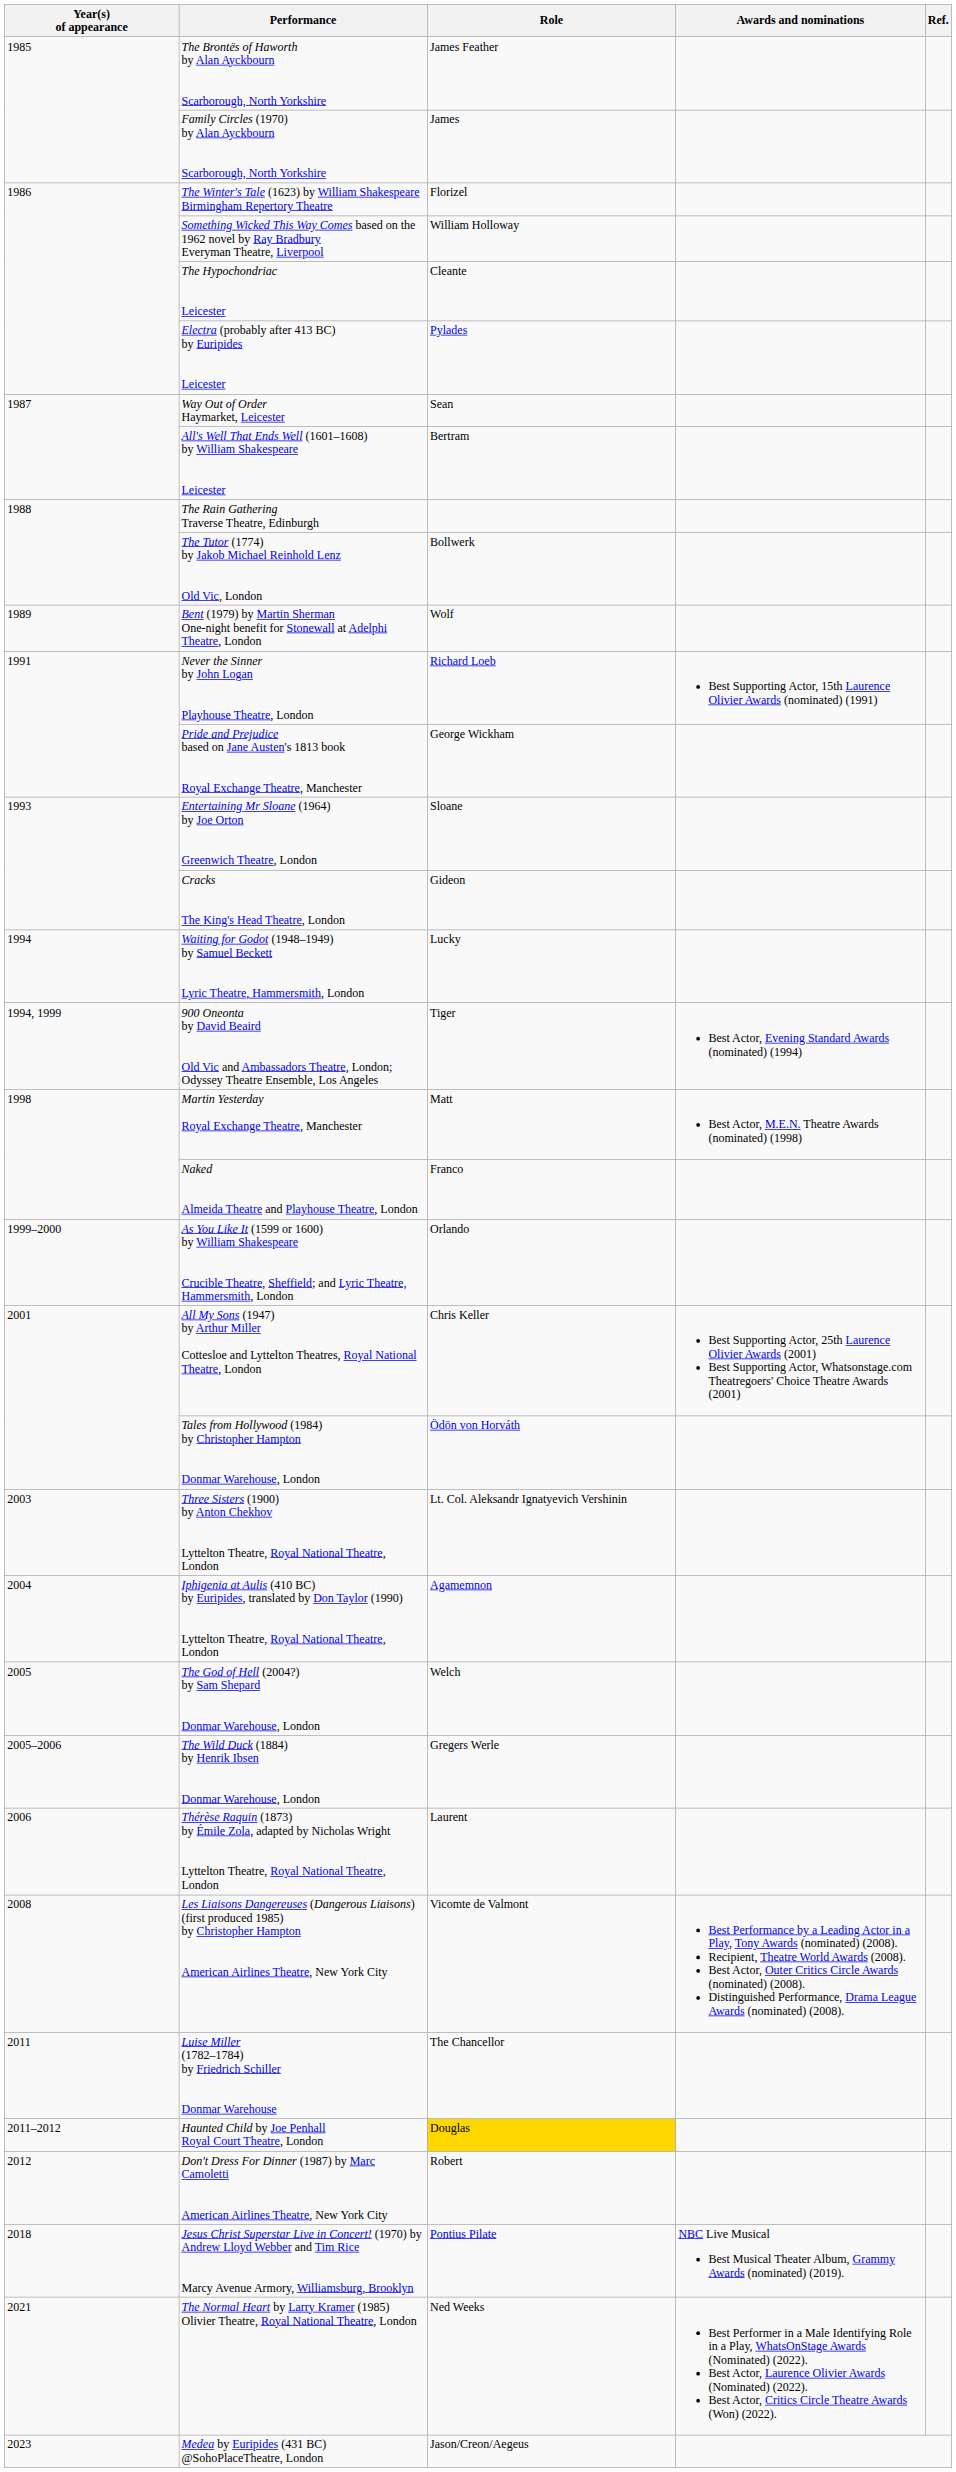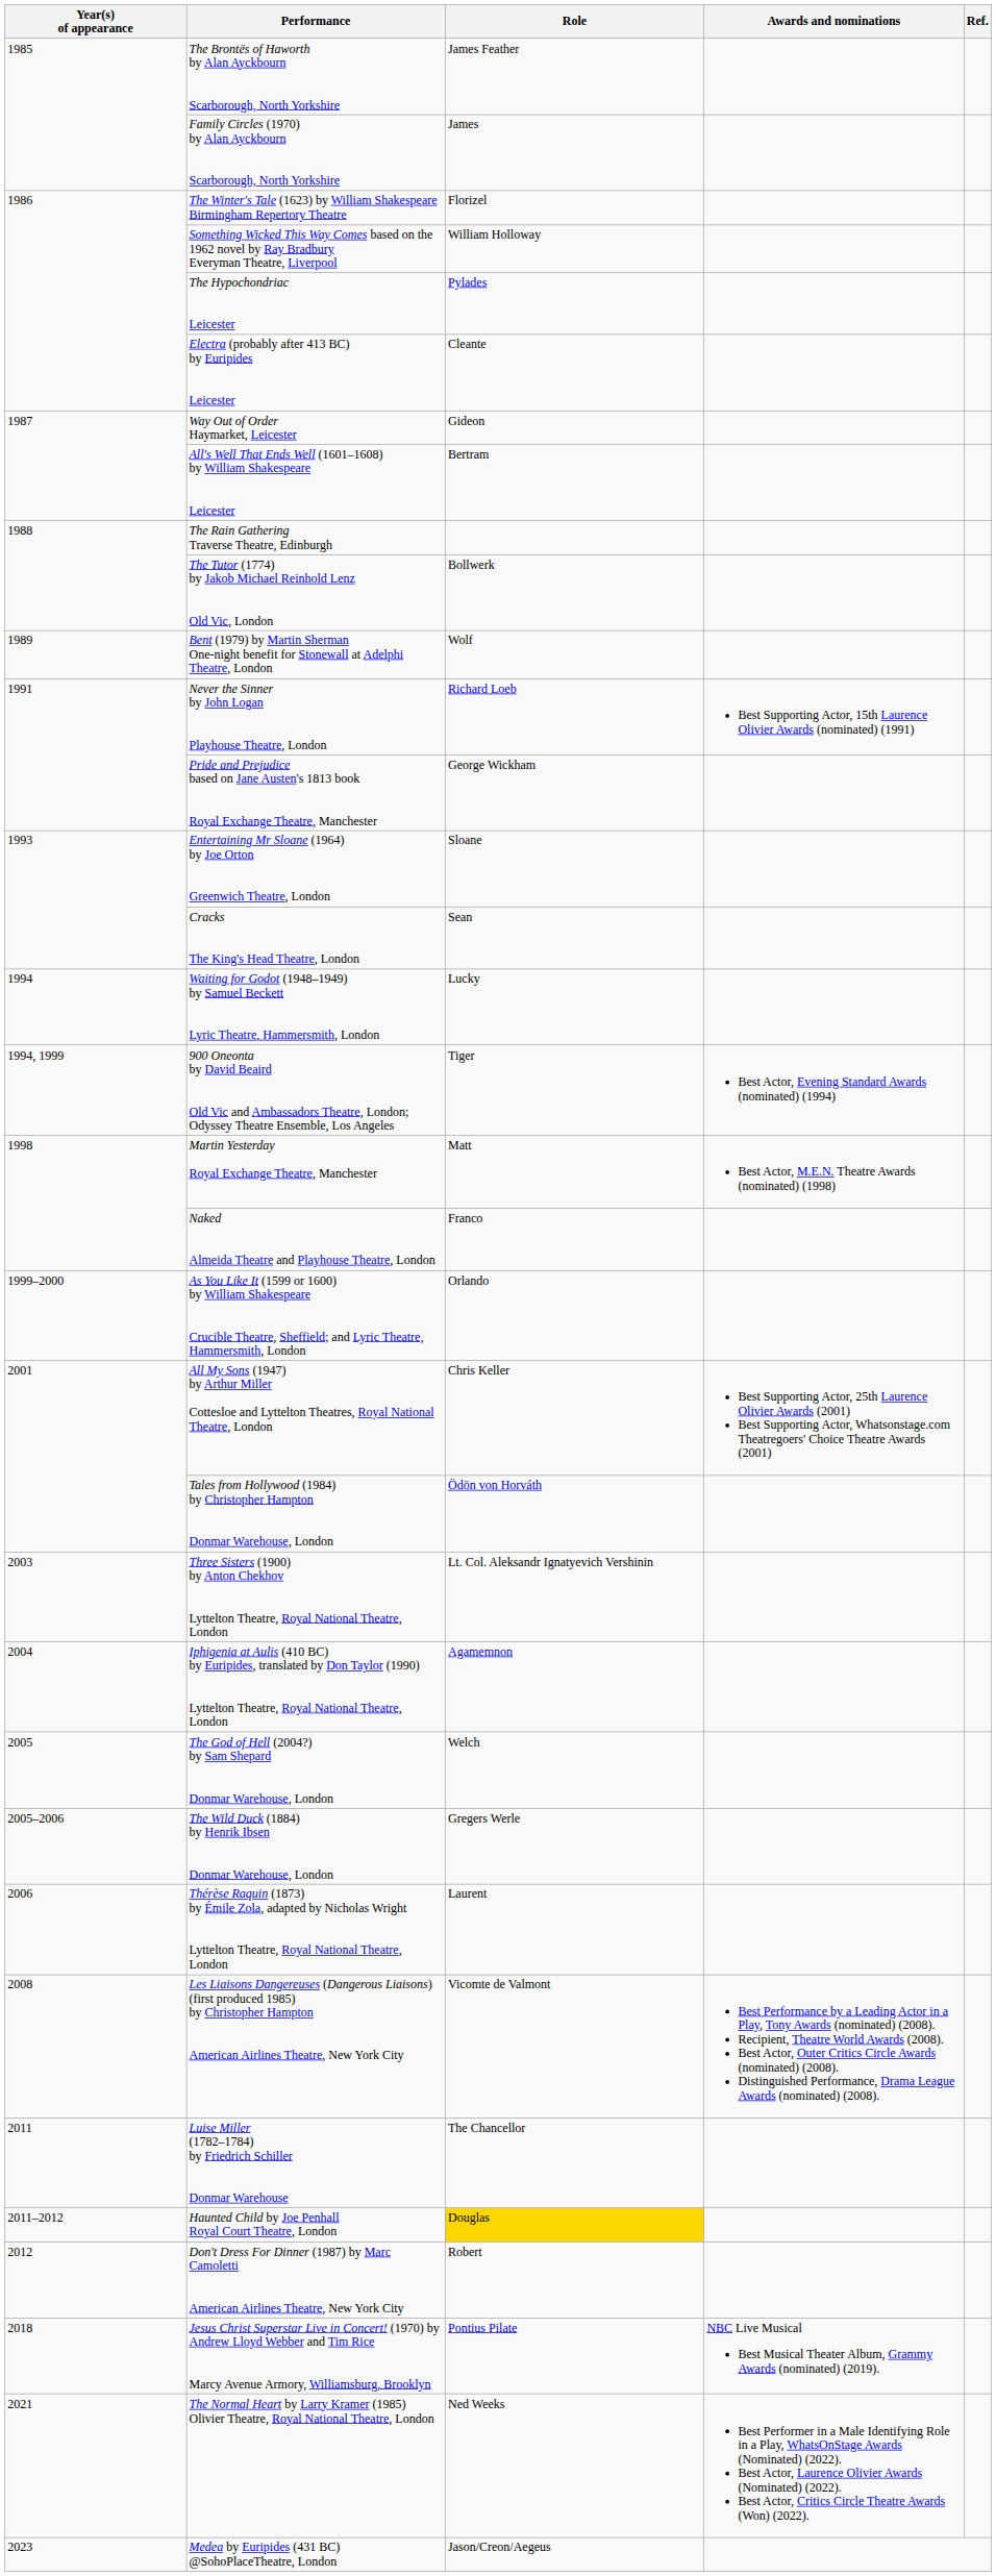 <table class="wikitable" style="width:100%;">
 <tr>
 <th width=19%>Year(s)<br>of appearance</th>
 <th width=27%>Performance</th>
 <th width=27%>Role</th>
 <th width=27%>Awards and nominations</th>
 <th>Ref.</th>
 </tr>
 <tr valign=top>
 <td rowspan=2>1985</td>
 <td><em>The Brontës of Haworth</em><br>by <a href='#'>Alan Ayckbourn</a><br><br><br><a href='#'>Scarborough, North Yorkshire</a></td>
 <td>James Feather</td>
 <td></td>
 <td></td>
 </tr>
 <tr valign=top>
 <td><em>Family Circles</em> (1970)<br>by <a href='#'>Alan Ayckbourn</a><br><br><br><a href='#'>Scarborough, North Yorkshire</a></td>
 <td>James</td>
 <td></td>
 <td></td>
 </tr>
 <tr valign=top>
 <td rowspan=4>1986</td>
 <td><em><a href='#'>The Winter's Tale</a></em> (1623) by <a href='#'>William Shakespeare</a><br><a href='#'>Birmingham Repertory Theatre</a></td>
 <td>Florizel</td>
 <td></td>
 <td></td>
 </tr>
 <tr valign=top>
 <td><em><a href='#'>Something Wicked This Way Comes</a></em> based on the 1962 novel by <a href='#'>Ray Bradbury</a><br>Everyman Theatre, <a href='#'>Liverpool</a></td>
 <td>William Holloway</td>
 <td></td>
 <td></td>
 </tr>
 <tr valign=top>
 <td><em>The Hypochondriac</em><br><br><br><a href='#'>Leicester</a></td>
-<td>Cleante</td>
+<td><a href='#'>Pylades</a></td>
 <td></td>
 <td></td>
 </tr>
 <tr valign=top>
 <td><em><a href='#'>Electra</a></em> (probably after 413 BC)<br>by <a href='#'>Euripides</a><br><br><br><a href='#'>Leicester</a></td>
-<td><a href='#'>Pylades</a></td>
+<td>Cleante</td>
 <td></td>
 <td></td>
 </tr>
 <tr valign=top>
 <td rowspan=2>1987</td>
 <td><em>Way Out of Order</em><br>Haymarket, <a href='#'>Leicester</a></td>
-<td>Sean</td>
+<td>Gideon</td>
 <td></td>
 <td></td>
 </tr>
 <tr valign=top>
 <td><em><a href='#'>All's Well That Ends Well</a></em> (1601–1608)<br>by <a href='#'>William Shakespeare</a><br><br><br><a href='#'>Leicester</a></td>
 <td>Bertram</td>
 <td></td>
 <td></td>
 </tr>
 <tr valign=top>
 <td rowspan=2>1988</td>
 <td><em>The Rain Gathering</em><br>Traverse Theatre, Edinburgh</td>
 <td></td>
 <td></td>
 <td></td>
 </tr>
 <tr valign=top>
 <td><em><a href='#'>The Tutor</a></em> (1774)<br>by <a href='#'>Jakob Michael Reinhold Lenz</a><br><br><br><a href='#'>Old Vic</a>, London</td>
 <td>Bollwerk</td>
 <td></td>
 <td></td>
 </tr>
 <tr valign=top>
 <td>1989</td>
 <td><em><a href='#'>Bent</a></em> (1979) by <a href='#'>Martin Sherman</a><br>One-night benefit for <a href='#'>Stonewall</a> at <a href='#'>Adelphi Theatre</a>, London</td>
 <td>Wolf</td>
 <td></td>
 <td></td>
 </tr>
 <tr valign=top>
 <td rowspan=2>1991</td>
 <td><em>Never the Sinner</em><br>by <a href='#'>John Logan</a><br><br><br><a href='#'>Playhouse Theatre</a>, London</td>
 <td><a href='#'>Richard Loeb</a></td>
 <td><br><ul><li>Best Supporting Actor, 15th <a href='#'>Laurence Olivier Awards</a> (nominated) (1991)</li></ul></td>
 <td></td>
 </tr>
 <tr valign=top>
 <td><em><a href='#'>Pride and Prejudice</a></em><br>based on <a href='#'>Jane Austen</a>'s 1813 book<br><br><br><a href='#'>Royal Exchange Theatre</a>, Manchester</td>
 <td>George Wickham</td>
 <td></td>
 <td></td>
 </tr>
 <tr valign=top>
 <td rowspan=2>1993</td>
 <td><em><a href='#'>Entertaining Mr Sloane</a></em> (1964)<br>by <a href='#'>Joe Orton</a><br><br><br><a href='#'>Greenwich Theatre</a>, London</td>
 <td>Sloane</td>
 <td></td>
 <td></td>
 </tr>
 <tr valign=top>
 <td><em>Cracks</em><br><br><br><a href='#'>The King's Head Theatre</a>, London</td>
-<td>Gideon</td>
+<td>Sean</td>
 <td></td>
 <td></td>
 </tr>
 <tr valign=top>
 <td>1994</td>
 <td><em><a href='#'>Waiting for Godot</a></em> (1948–1949)<br>by <a href='#'>Samuel Beckett</a><br><br><br><a href='#'>Lyric Theatre, Hammersmith</a>, London</td>
 <td>Lucky</td>
 <td></td>
 <td></td>
 </tr>
 <tr valign=top>
 <td>1994, 1999</td>
 <td><em>900 Oneonta</em><br>by <a href='#'>David Beaird</a><br><br><br><a href='#'>Old Vic</a> and <a href='#'>Ambassadors Theatre</a>, London; Odyssey Theatre Ensemble, Los Angeles</td>
 <td>Tiger</td>
 <td><br><ul><li>Best Actor, <a href='#'>Evening Standard Awards</a> (nominated) (1994)</li></ul></td>
 <td></td>
 </tr>
 <tr valign=top>
 <td rowspan=2>1998</td>
 <td><em>Martin Yesterday</em><br><br><a href='#'>Royal Exchange Theatre</a>, Manchester</td>
 <td>Matt</td>
 <td><br><ul><li>Best Actor, <a href='#'>M.E.N.</a> Theatre Awards (nominated) (1998)</li></ul></td>
 <td></td>
 </tr>
 <tr valign=top>
 <td><em>Naked</em><br><br><br><a href='#'>Almeida Theatre</a> and <a href='#'>Playhouse Theatre</a>, London</td>
 <td>Franco</td>
 <td></td>
 <td></td>
 </tr>
 <tr valign=top>
 <td>1999–2000</td>
 <td><em><a href='#'>As You Like It</a></em> (1599 or 1600)<br>by <a href='#'>William Shakespeare</a><br><br><br><a href='#'>Crucible Theatre</a>, <a href='#'>Sheffield</a>; and <a href='#'>Lyric Theatre, Hammersmith</a>, London</td>
 <td>Orlando</td>
 <td></td>
 <td></td>
 </tr>
 <tr valign=top>
 <td rowspan=2>2001</td>
 <td><em><a href='#'>All My Sons</a></em> (1947)<br>by <a href='#'>Arthur Miller</a><br><br>Cottesloe and Lyttelton Theatres, <a href='#'>Royal National Theatre</a>, London</td>
 <td>Chris Keller</td>
 <td><br><ul><li>Best Supporting Actor, 25th <a href='#'>Laurence Olivier Awards</a> (2001)</li><li>Best Supporting Actor, Whatsonstage.com Theatregoers' Choice Theatre Awards (2001)</li></ul></td>
 <td></td>
 </tr>
 <tr valign=top>
 <td><em>Tales from Hollywood</em> (1984)<br>by <a href='#'>Christopher Hampton</a><br><br><br><a href='#'>Donmar Warehouse</a>, London</td>
 <td><a href='#'>Ödön von Horváth</a></td>
 <td></td>
 <td></td>
 </tr>
 <tr valign=top>
 <td>2003</td>
 <td><em><a href='#'>Three Sisters</a></em> (1900)<br>by <a href='#'>Anton Chekhov</a><br><br><br>Lyttelton Theatre, <a href='#'>Royal National Theatre</a>, London</td>
 <td>Lt. Col. Aleksandr Ignatyevich Vershinin</td>
 <td></td>
 <td></td>
 </tr>
 <tr valign=top>
 <td>2004</td>
 <td><em><a href='#'>Iphigenia at Aulis</a></em> (410 BC)<br>by <a href='#'>Euripides</a>, translated by <a href='#'>Don Taylor</a> (1990)<br><br><br>Lyttelton Theatre, <a href='#'>Royal National Theatre</a>, London</td>
 <td><a href='#'>Agamemnon</a></td>
 <td></td>
 <td></td>
 </tr>
 <tr valign=top>
 <td>2005</td>
 <td><em><a href='#'>The God of Hell</a></em> (2004?)<br>by <a href='#'>Sam Shepard</a><br><br><br><a href='#'>Donmar Warehouse</a>, London</td>
 <td>Welch</td>
 <td></td>
 <td></td>
 </tr>
 <tr valign=top>
 <td>2005–2006</td>
 <td><em><a href='#'>The Wild Duck</a></em> (1884)<br>by <a href='#'>Henrik Ibsen</a><br><br><br><a href='#'>Donmar Warehouse</a>, London</td>
 <td>Gregers Werle</td>
 <td></td>
 <td></td>
 </tr>
 <tr valign=top>
 <td>2006</td>
 <td><em><a href='#'>Thérèse Raquin</a></em> (1873)<br>by <a href='#'>Émile Zola</a>, adapted by Nicholas Wright<br><br><br>Lyttelton Theatre, <a href='#'>Royal National Theatre</a>, London</td>
 <td>Laurent</td>
 <td></td>
 <td></td>
 </tr>
 <tr valign=top>
 <td>2008</td>
 <td><em><a href='#'>Les Liaisons Dangereuses</a></em> (<em>Dangerous Liaisons</em>) (first produced 1985)<br>by <a href='#'>Christopher Hampton</a><br><br><br><a href='#'>American Airlines Theatre</a>, New York City</td>
 <td>Vicomte de Valmont</td>
 <td><br><ul><li><a href='#'>Best Performance by a Leading Actor in a Play</a>, <a href='#'>Tony Awards</a> (nominated) (2008).</li><li>Recipient, <a href='#'>Theatre World Awards</a> (2008).</li><li>Best Actor, <a href='#'>Outer Critics Circle Awards</a> (nominated) (2008).</li><li>Distinguished Performance, <a href='#'>Drama League Awards</a> (nominated) (2008).</li></ul></td>
 <td></td>
 </tr>
 <tr valign=top>
 <td>2011</td>
 <td><em><a href='#'>Luise Miller</a></em><br>(1782–1784)<br> by <a href='#'>Friedrich Schiller</a><br><br><br><a href='#'>Donmar Warehouse</a></td>
 <td>The Chancellor</td>
 <td></td>
 <td></td>
 </tr>
 <tr valign=top>
 <td>2011–2012</td>
 <td><em>Haunted Child</em> by <a href='#'>Joe Penhall</a><br><a href='#'>Royal Court Theatre</a>, London</td>
 <td style="background: gold;">Douglas</td>
 <td></td>
 <td></td>
 </tr>
 <tr valign=top>
 <td>2012</td>
 <td><em>Don't Dress For Dinner</em> (1987) by <a href='#'>Marc Camoletti</a><br><br><br><a href='#'>American Airlines Theatre</a>, New York City</td>
 <td>Robert</td>
 <td></td>
 <td></td>
 </tr>
 <tr valign=top>
 <td>2018</td>
 <td><em><a href='#'>Jesus Christ Superstar Live in Concert!</a></em> (1970) by <a href='#'>Andrew Lloyd Webber</a> and <a href='#'>Tim Rice</a> <br><br><br>Marcy Avenue Armory, <a href='#'>Williamsburg, Brooklyn</a></td>
 <td><a href='#'>Pontius Pilate</a></td>
 <td><a href='#'>NBC</a> Live Musical<br><ul><li>Best Musical Theater Album, <a href='#'>Grammy Awards</a> (nominated) (2019).</li></ul></td>
 <td></td>
 </tr>
 <tr valign=top>
 <td>2021</td>
 <td><em><a href='#'>The Normal Heart</a></em>  by <a href='#'>Larry Kramer</a> (1985)<br>Olivier Theatre, <a href='#'>Royal National Theatre</a>, London</td>
 <td>Ned Weeks</td>
 <td><br><ul><li>Best Performer in a Male Identifying Role in a Play, <a href='#'>WhatsOnStage Awards</a> (Nominated) (2022).</li><li>Best Actor, <a href='#'>Laurence Olivier Awards</a> (Nominated) (2022).</li><li>Best Actor, <a href='#'>Critics Circle Theatre Awards</a> (Won) (2022).</li></ul></td>
 <td></td>
 </tr>
 <tr valign=top>
 <td>2023</td>
 <td><em><a href='#'>Medea</a></em>  by <a href='#'>Euripides</a> (431 BC)<br>@SohoPlaceTheatre, London</td>
 <td>Jason/Creon/Aegeus</td>
 </tr>
 </table>
